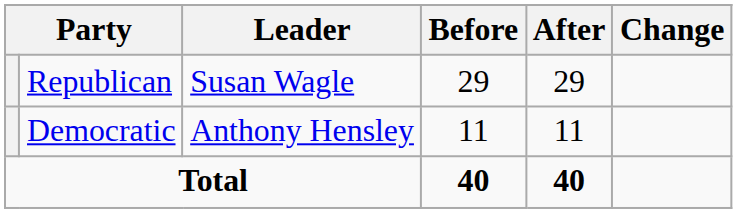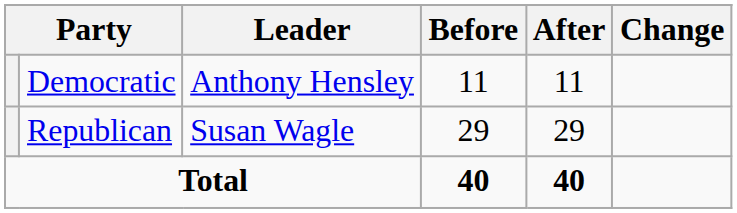 <table class="wikitable" style="text-align:center;">
 <tr>
 </tr>
 <tr>
 <th colspan=2>Party</th>
 <th>Leader</th>
 <th>Before</th>
 <th>After</th>
 <th>Change</th>
 </tr>
 <tr>
 <th style="background-color:"></th>
+<td style="text-align:left;"><a href='#'>Democratic</a></td>
+<td style="text-align:left;"><a href='#'>Anthony Hensley</a></td>
+<td>11</td>
+<td>11</td>
+<td></td>
+</tr>
+<tr>
+<th style="background-color:"></th>
 <td style="text-align:left;"><a href='#'>Republican</a></td>
 <td style="text-align:left;"><a href='#'>Susan Wagle</a></td>
 <td>29</td>
 <td>29</td>
-<td></td>
-</tr>
-<tr>
-<th style="background-color:"></th>
-<td style="text-align:left;"><a href='#'>Democratic</a></td>
-<td style="text-align:left;"><a href='#'>Anthony Hensley</a></td>
-<td>11</td>
-<td>11</td>
 <td></td>
 </tr>
 <tr>
 <td colspan=3><strong>Total</strong></td>
 <td><strong>40</strong></td>
 <td><strong>40</strong></td>
 <td></td>
 </tr>
 </table>
